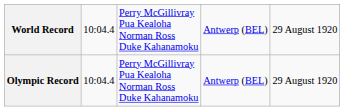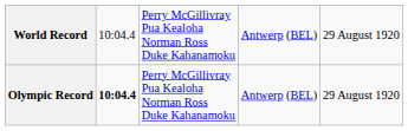 <table class="wikitable" style="text-align:left">
 <tr>
 <th>World Record</th>
 <td>10:04.4</td>
 <td> <a href='#'>Perry McGillivray</a><br> <a href='#'>Pua Kealoha</a><br> <a href='#'>Norman Ross</a><br> <a href='#'>Duke Kahanamoku</a></td>
 <td><a href='#'>Antwerp</a> (<a href='#'>BEL</a>)</td>
 <td>29 August 1920</td>
 </tr>
 <tr>
 <th>Olympic Record</th>
-<td>10:04.4</td>
+<td><strong>10:04.4</strong></td>
 <td> <a href='#'>Perry McGillivray</a><br> <a href='#'>Pua Kealoha</a><br> <a href='#'>Norman Ross</a><br> <a href='#'>Duke Kahanamoku</a></td>
 <td><a href='#'>Antwerp</a> (<a href='#'>BEL</a>)</td>
 <td>29 August 1920</td>
 </tr>
 </table>
